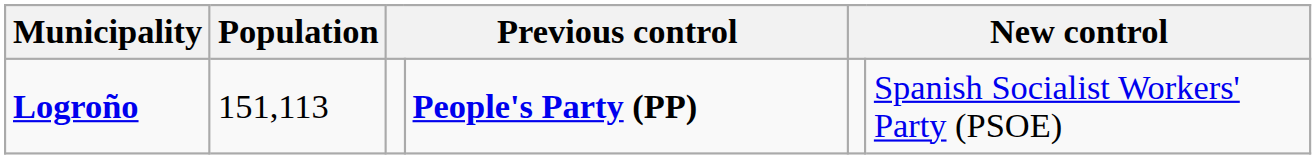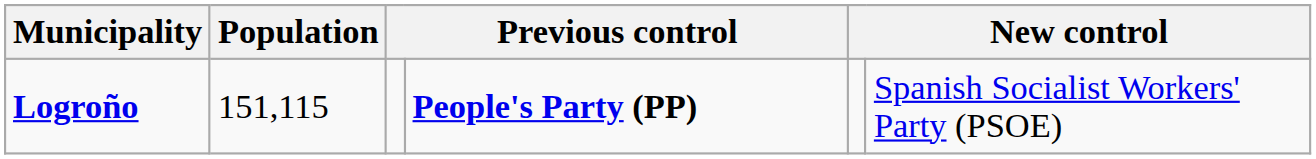 <table class="wikitable sortable">
 <tr>
 <th>Municipality</th>
 <th>Population</th>
 <th colspan="2" style="width:375px;">Previous control</th>
 <th colspan="2" style="width:375px;">New control</th>
 </tr>
 <tr>
 <td><strong><a href='#'>Logroño</a></strong></td>
-<td>151,113</td>
+<td>151,115</td>
 <td width="1" style="color:inherit;background:"></td>
 <td align="left"><strong><a href='#'>People's Party</a> (PP)</strong></td>
 <td width="1" style="color:inherit;background:"></td>
 <td align="left"><a href='#'>Spanish Socialist Workers' Party</a> (PSOE)</td>
 </tr>
 </table>
